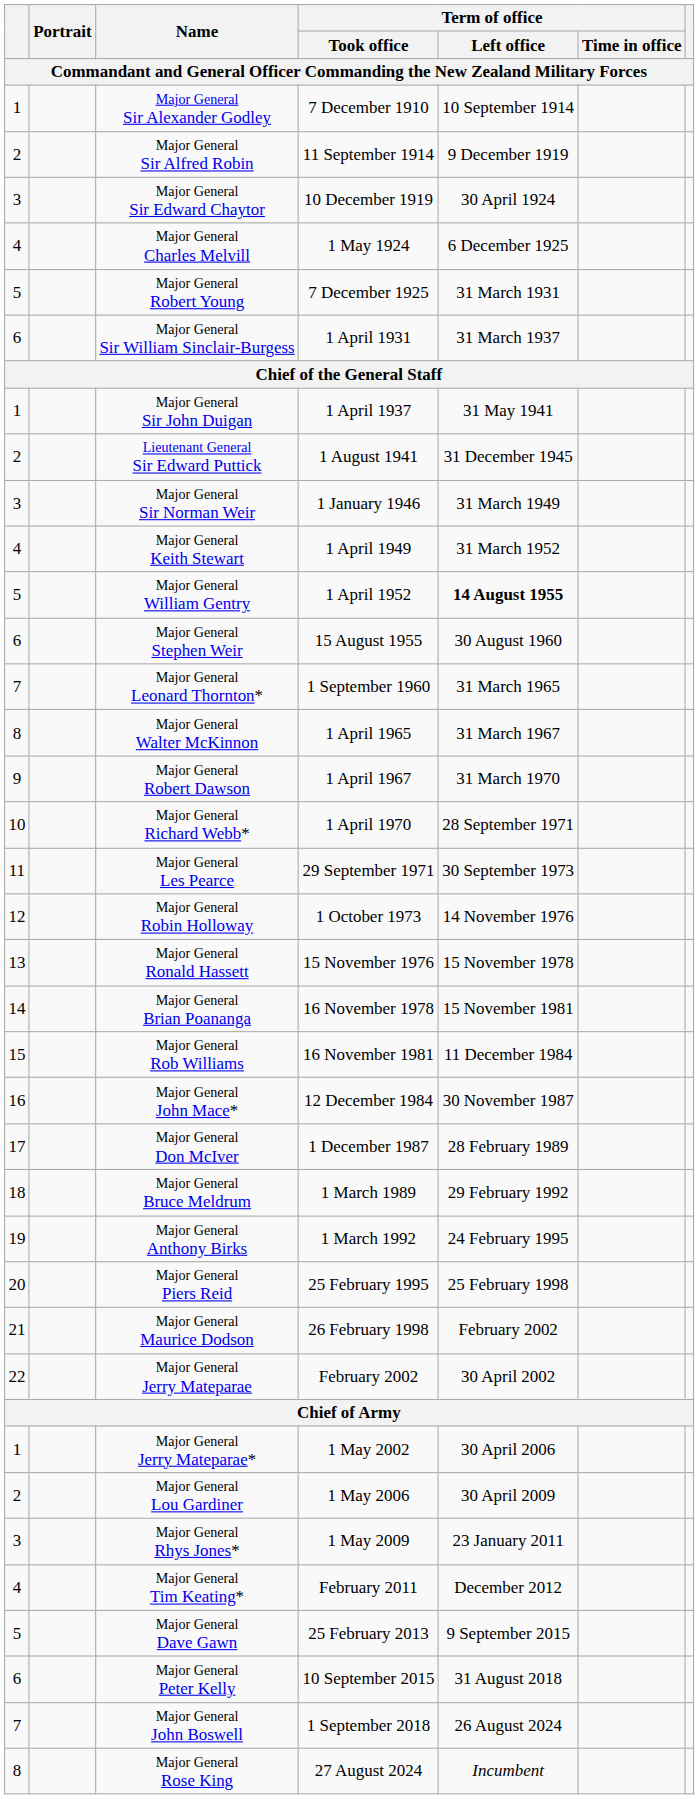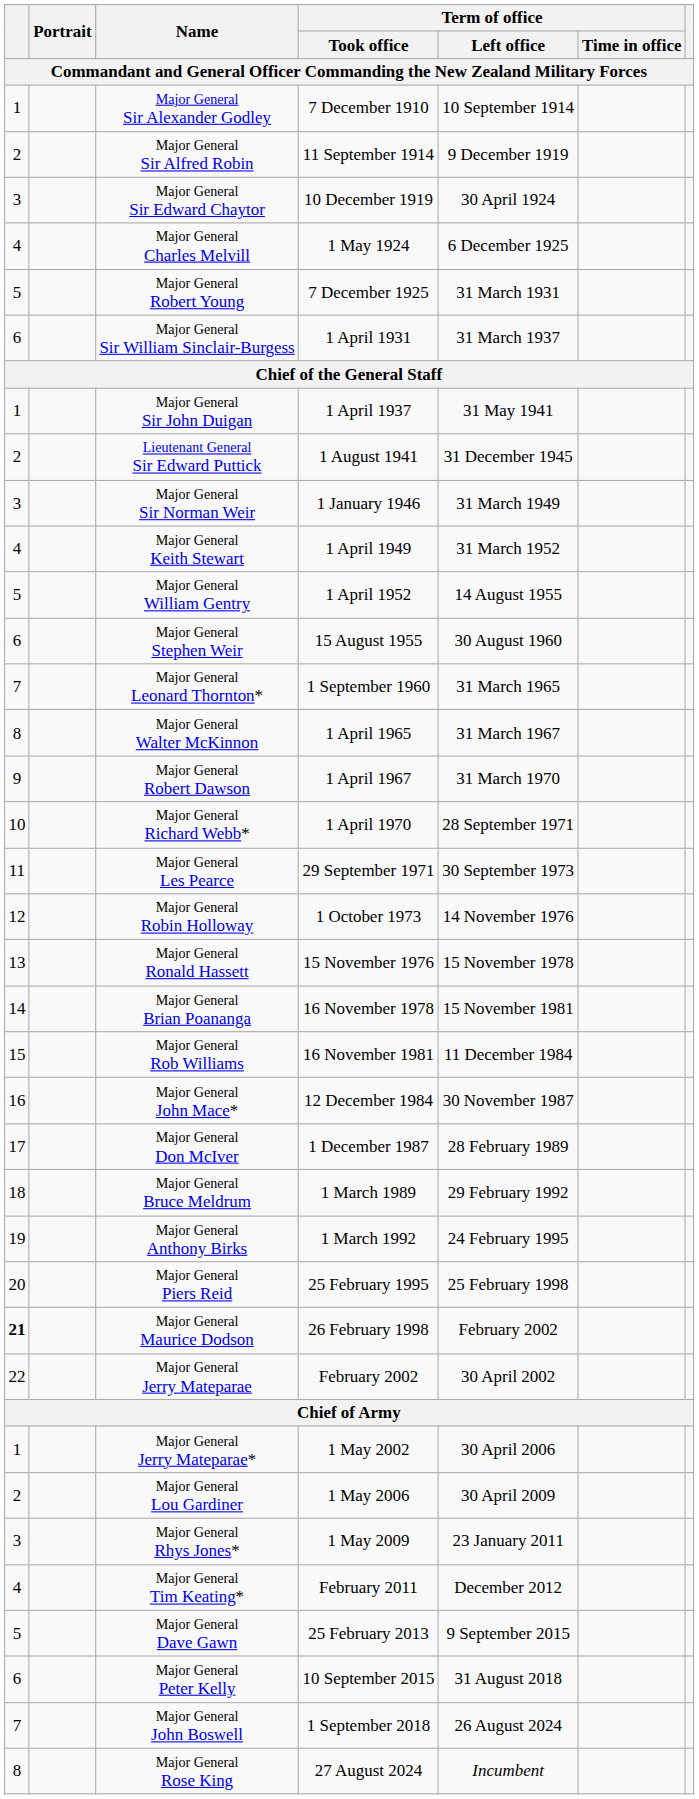 <table class="wikitable" style="text-align:center">
 <tr>
 <th rowspan=2></th>
 <th rowspan=2>Portrait</th>
 <th rowspan=2>Name<br></th>
 <th colspan=3>Term of office</th>
 <th rowspan=2></th>
 </tr>
 <tr>
 <th>Took office</th>
 <th>Left office</th>
 <th>Time in office</th>
 </tr>
 <tr>
 <th colspan="7">Commandant and General Officer Commanding the New Zealand Military Forces</th>
 </tr>
 <tr>
 <td>1</td>
 <td></td>
 <td><small><a href='#'>Major General</a></small><br><a href='#'>Sir Alexander Godley</a><br></td>
 <td>7 December 1910</td>
 <td>10 September 1914</td>
 <td></td>
 <td></td>
 </tr>
 <tr>
 <td>2</td>
 <td></td>
 <td><small>Major General</small><br><a href='#'>Sir Alfred Robin</a><br></td>
 <td>11 September 1914</td>
 <td>9 December 1919</td>
 <td></td>
 <td></td>
 </tr>
 <tr>
 <td>3</td>
 <td></td>
 <td><small>Major General</small><br><a href='#'>Sir Edward Chaytor</a><br></td>
 <td>10 December 1919</td>
 <td>30 April 1924</td>
 <td></td>
 <td></td>
 </tr>
 <tr>
 <td>4</td>
 <td></td>
 <td><small>Major General</small><br><a href='#'>Charles Melvill</a><br></td>
 <td>1 May 1924</td>
 <td>6 December 1925</td>
 <td></td>
 <td></td>
 </tr>
 <tr>
 <td>5</td>
 <td></td>
 <td><small>Major General</small><br><a href='#'>Robert Young</a><br></td>
 <td>7 December 1925</td>
 <td>31 March 1931</td>
 <td></td>
 <td></td>
 </tr>
 <tr>
 <td>6</td>
 <td></td>
 <td><small>Major General</small><br><a href='#'>Sir William Sinclair-Burgess</a><br></td>
 <td>1 April 1931</td>
 <td>31 March 1937</td>
 <td></td>
 <td></td>
 </tr>
 <tr>
 <th colspan="7">Chief of the General Staff</th>
 </tr>
 <tr>
 <td>1</td>
 <td></td>
 <td><small>Major General</small><br><a href='#'>Sir John Duigan</a><br></td>
 <td>1 April 1937</td>
 <td>31 May 1941</td>
 <td></td>
 <td></td>
 </tr>
 <tr>
 <td>2</td>
 <td></td>
 <td><small><a href='#'>Lieutenant General</a></small><br><a href='#'>Sir Edward Puttick</a><br></td>
 <td>1 August 1941</td>
 <td>31 December 1945</td>
 <td></td>
 <td></td>
 </tr>
 <tr>
 <td>3</td>
 <td></td>
 <td><small>Major General</small><br><a href='#'>Sir Norman Weir</a><br></td>
 <td>1 January 1946</td>
 <td>31 March 1949</td>
 <td></td>
 <td></td>
 </tr>
 <tr>
 <td>4</td>
 <td></td>
 <td><small>Major General</small><br><a href='#'>Keith Stewart</a><br></td>
 <td>1 April 1949</td>
 <td>31 March 1952</td>
 <td></td>
 <td></td>
 </tr>
 <tr>
 <td>5</td>
 <td></td>
 <td><small>Major General</small><br><a href='#'>William Gentry</a><br></td>
 <td>1 April 1952</td>
-<td><strong>14 August 1955</strong></td>
+<td>14 August 1955</td>
 <td></td>
 <td></td>
 </tr>
 <tr>
 <td>6</td>
 <td></td>
 <td><small>Major General</small><br><a href='#'>Stephen Weir</a><br></td>
 <td>15 August 1955</td>
 <td>30 August 1960</td>
 <td></td>
 <td></td>
 </tr>
 <tr>
 <td>7</td>
 <td></td>
 <td><small>Major General</small><br><a href='#'>Leonard Thornton</a>*<br></td>
 <td>1 September 1960</td>
 <td>31 March 1965</td>
 <td></td>
 <td></td>
 </tr>
 <tr>
 <td>8</td>
 <td></td>
 <td><small>Major General</small><br><a href='#'>Walter McKinnon</a><br></td>
 <td>1 April 1965</td>
 <td>31 March 1967</td>
 <td></td>
 <td></td>
 </tr>
 <tr>
 <td>9</td>
 <td></td>
 <td><small>Major General</small><br><a href='#'>Robert Dawson</a><br></td>
 <td>1 April 1967</td>
 <td>31 March 1970</td>
 <td></td>
 <td></td>
 </tr>
 <tr>
 <td>10</td>
 <td></td>
 <td><small>Major General</small><br><a href='#'>Richard Webb</a>*<br></td>
 <td>1 April 1970</td>
 <td>28 September 1971</td>
 <td></td>
 <td></td>
 </tr>
 <tr>
 <td>11</td>
 <td></td>
 <td><small>Major General</small><br><a href='#'>Les Pearce</a><br></td>
 <td>29 September 1971</td>
 <td>30 September 1973</td>
 <td></td>
 <td></td>
 </tr>
 <tr>
 <td>12</td>
 <td></td>
 <td><small>Major General</small><br><a href='#'>Robin Holloway</a><br></td>
 <td>1 October 1973</td>
 <td>14 November 1976</td>
 <td></td>
 <td></td>
 </tr>
 <tr>
 <td>13</td>
 <td></td>
 <td><small>Major General</small><br><a href='#'>Ronald Hassett</a><br></td>
 <td>15 November 1976</td>
 <td>15 November 1978</td>
 <td></td>
 <td></td>
 </tr>
 <tr>
 <td>14</td>
 <td></td>
 <td><small>Major General</small><br><a href='#'>Brian Poananga</a><br></td>
 <td>16 November 1978</td>
 <td>15 November 1981</td>
 <td></td>
 <td></td>
 </tr>
 <tr>
 <td>15</td>
 <td></td>
 <td><small>Major General</small><br><a href='#'>Rob Williams</a><br></td>
 <td>16 November 1981</td>
 <td>11 December 1984</td>
 <td></td>
 <td></td>
 </tr>
 <tr>
 <td>16</td>
 <td></td>
 <td><small>Major General</small><br><a href='#'>John Mace</a>*<br></td>
 <td>12 December 1984</td>
 <td>30 November 1987</td>
 <td></td>
 <td></td>
 </tr>
 <tr>
 <td>17</td>
 <td></td>
 <td><small>Major General</small><br><a href='#'>Don McIver</a><br></td>
 <td>1 December 1987</td>
 <td>28 February 1989</td>
 <td></td>
 <td></td>
 </tr>
 <tr>
 <td>18</td>
 <td></td>
 <td><small>Major General</small><br><a href='#'>Bruce Meldrum</a><br></td>
 <td>1 March 1989</td>
 <td>29 February 1992</td>
 <td></td>
 <td></td>
 </tr>
 <tr>
 <td>19</td>
 <td></td>
 <td><small>Major General</small><br><a href='#'>Anthony Birks</a><br></td>
 <td>1 March 1992</td>
 <td>24 February 1995</td>
 <td></td>
 <td></td>
 </tr>
 <tr>
 <td>20</td>
 <td></td>
 <td><small>Major General</small><br><a href='#'>Piers Reid</a><br></td>
 <td>25 February 1995</td>
 <td>25 February 1998</td>
 <td></td>
 <td></td>
 </tr>
 <tr>
-<td>21</td>
+<td><strong>21</strong></td>
 <td></td>
 <td><small>Major General</small><br><a href='#'>Maurice Dodson</a><br></td>
 <td>26 February 1998</td>
 <td>February 2002</td>
 <td></td>
 <td></td>
 </tr>
 <tr>
 <td>22</td>
 <td></td>
 <td><small>Major General</small><br><a href='#'>Jerry Mateparae</a><br></td>
 <td>February 2002</td>
 <td>30 April 2002</td>
 <td></td>
 <td></td>
 </tr>
 <tr>
 <th colspan="7">Chief of Army</th>
 </tr>
 <tr>
 <td>1</td>
 <td></td>
 <td><small>Major General</small><br><a href='#'>Jerry Mateparae</a>*<br></td>
 <td>1 May 2002</td>
 <td>30 April 2006</td>
 <td></td>
 <td></td>
 </tr>
 <tr>
 <td>2</td>
 <td></td>
 <td><small>Major General</small><br><a href='#'>Lou Gardiner</a><br></td>
 <td>1 May 2006</td>
 <td>30 April 2009</td>
 <td></td>
 <td></td>
 </tr>
 <tr>
 <td>3</td>
 <td></td>
 <td><small>Major General</small><br><a href='#'>Rhys Jones</a>*</td>
 <td>1 May 2009</td>
 <td>23 January 2011</td>
 <td></td>
 <td></td>
 </tr>
 <tr>
 <td>4</td>
 <td></td>
 <td><small>Major General</small><br><a href='#'>Tim Keating</a>*<br></td>
 <td>February 2011</td>
 <td>December 2012</td>
 <td></td>
 <td></td>
 </tr>
 <tr>
 <td>5</td>
 <td></td>
 <td><small>Major General</small><br><a href='#'>Dave Gawn</a><br></td>
 <td>25 February 2013</td>
 <td>9 September 2015</td>
 <td></td>
 <td></td>
 </tr>
 <tr>
 <td>6</td>
 <td></td>
 <td><small>Major General</small><br><a href='#'>Peter Kelly</a><br></td>
 <td>10 September 2015</td>
 <td>31 August 2018</td>
 <td></td>
 <td></td>
 </tr>
 <tr>
 <td>7</td>
 <td></td>
 <td><small>Major General</small><br><a href='#'>John Boswell</a><br></td>
 <td>1 September 2018</td>
 <td>26 August 2024</td>
 <td></td>
 <td></td>
 </tr>
 <tr>
 <td>8</td>
 <td></td>
 <td><small>Major General</small><br><a href='#'>Rose King</a></td>
 <td>27 August 2024</td>
 <td><em>Incumbent</em></td>
 <td></td>
 <td></td>
 </tr>
 </table>
